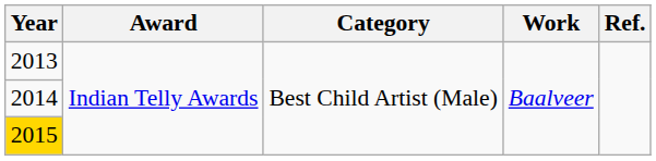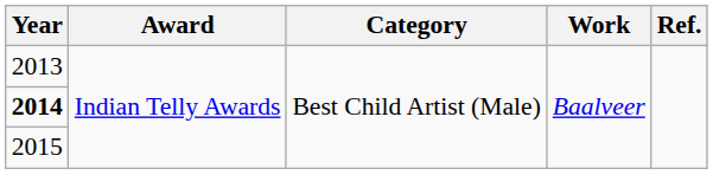 <table class="wikitable sortable">
 <tr style="text-align:center;">
 <th>Year</th>
 <th>Award</th>
 <th>Category</th>
 <th>Work</th>
 <th class="unsortable">Ref.</th>
 </tr>
 <tr>
 <td>2013</td>
 <td rowspan="3"><a href='#'>Indian Telly Awards</a></td>
 <td rowspan="3">Best Child Artist (Male)</td>
 <td rowspan="3"><em><a href='#'>Baalveer</a></em></td>
 <td rowspan="3"></td>
 </tr>
 <tr>
-<td>2014</td>
+<td><strong>2014</strong></td>
 </tr>
 <tr>
-<td style="background: gold;">2015</td>
+<td>2015</td>
 </tr>
 </table>
